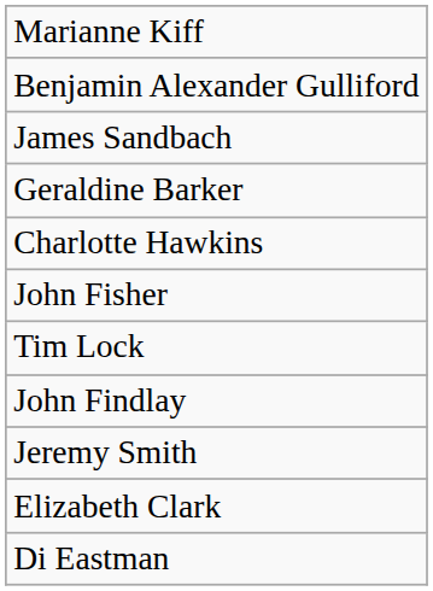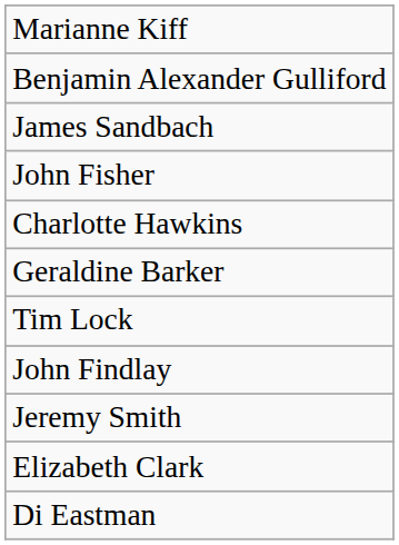 <table class="wikitable">
 <tr>
 <td>Marianne Kiff</td>
 </tr>
 <tr>
 <td>Benjamin Alexander Gulliford</td>
 </tr>
 <tr>
 <td>James Sandbach</td>
 </tr>
 <tr>
-<td>Geraldine Barker</td>
+<td>John Fisher</td>
 </tr>
 <tr>
 <td>Charlotte Hawkins</td>
 </tr>
 <tr>
-<td>John Fisher</td>
+<td>Geraldine Barker</td>
 </tr>
 <tr>
 <td>Tim Lock</td>
 </tr>
 <tr>
 <td>John Findlay</td>
 </tr>
 <tr>
 <td>Jeremy Smith</td>
 </tr>
 <tr>
 <td>Elizabeth Clark</td>
 </tr>
 <tr>
 <td>Di Eastman</td>
 </tr>
 </table>
